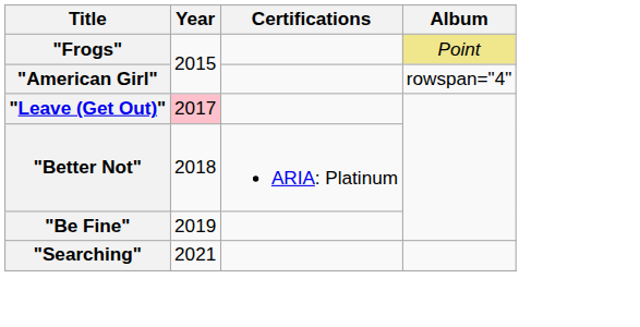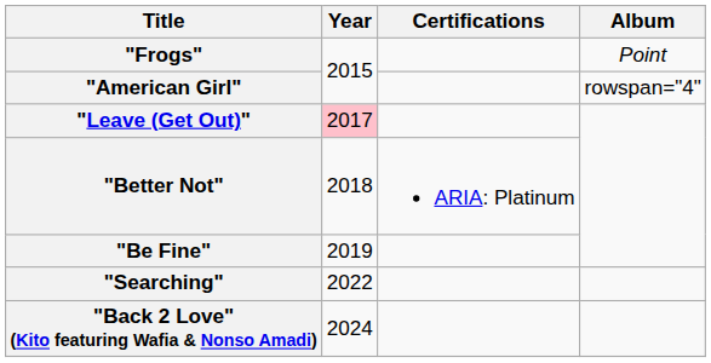 <table class="wikitable plainrowheaders" style="text-align:center;">
 <tr>
 <th>Title</th>
 <th>Year</th>
 <th>Certifications</th>
 <th>Album</th>
 </tr>
 <tr>
 <th scope="row">"Frogs"<br></th>
 <td rowspan="2">2015</td>
 <td></td>
-<td style="background: khaki;"><em>Point</em></td>
+<td><em>Point</em></td>
 </tr>
 <tr>
 <th scope="row">"American Girl"<br></th>
 <td></td>
 <td>rowspan="4" </td>
 </tr>
 <tr>
 <th scope="row">"<a href='#'>Leave (Get Out)</a>"<br></th>
 <td style="background: pink;">2017</td>
 <td></td>
 </tr>
 <tr>
 <th scope="row">"Better Not"<br></th>
 <td>2018</td>
 <td><br><ul><li><a href='#'>ARIA</a>: Platinum</li></ul></td>
 </tr>
 <tr>
 <th scope="row">"Be Fine"<br></th>
 <td>2019</td>
 <td></td>
 </tr>
 <tr>
 <th scope="row">"Searching"<br></th>
-<td>2021</td>
+<td>2022</td>
+<td></td>
+<td></td>
+</tr>
+<tr>
+<th scope="row">"Back 2 Love" <br><small>(<a href='#'>Kito</a> featuring Wafia & <a href='#'>Nonso Amadi</a>)</small></th>
+<td>2024</td>
 <td></td>
 <td></td>
 </tr>
 <tr>
 </tr>
 </table>
